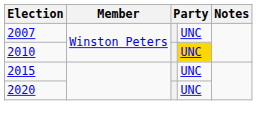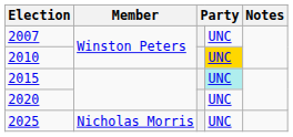 <table class="wikitable sortable">
 <tr>
 <th>Election</th>
 <th>Member</th>
 <th colspan="2">Party</th>
 <th>Notes</th>
 </tr>
 <tr>
 <td><a href='#'>2007</a></td>
 <td rowspan="2"><a href='#'>Winston Peters</a></td>
 <th style="background-color: "></th>
 <td><a href='#'>UNC</a></td>
 <td rowspan="2"></td>
 </tr>
 <tr>
 <td><a href='#'>2010</a></td>
 <th style="background-color: "></th>
 <td style="background: gold;"><a href='#'>UNC</a></td>
 </tr>
 <tr>
 <td><a href='#'>2015</a></td>
 <td rowspan="2"></td>
 <th style="background-color: "></th>
-<td><a href='#'>UNC</a></td>
+<td style="background: paleturquoise;"><a href='#'>UNC</a></td>
 <td rowspan="2"></td>
 </tr>
 <tr>
 <td><a href='#'>2020</a></td>
 <th style="background-color: "></th>
 <td><a href='#'>UNC</a></td>
 </tr>
+<tr>
+<td><a href='#'>2025</a></td>
+<td><a href='#'>Nicholas Morris</a></td>
+<th style="background-color: "></th>
+<td><a href='#'>UNC</a></td>
+<td></td>
+</tr>
 </table>
